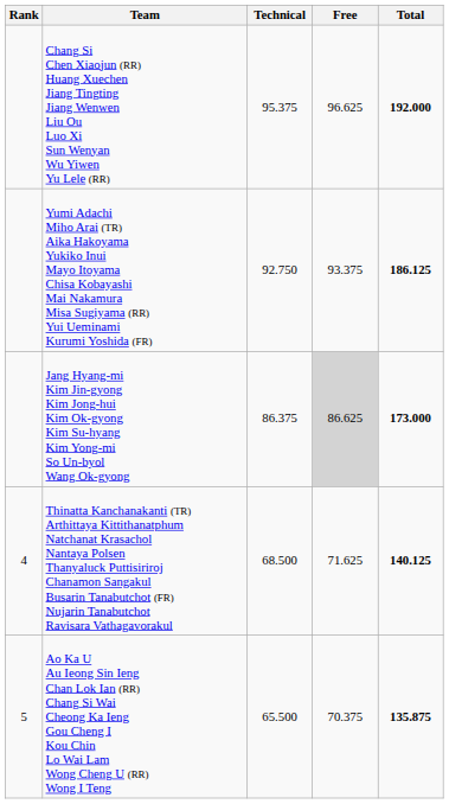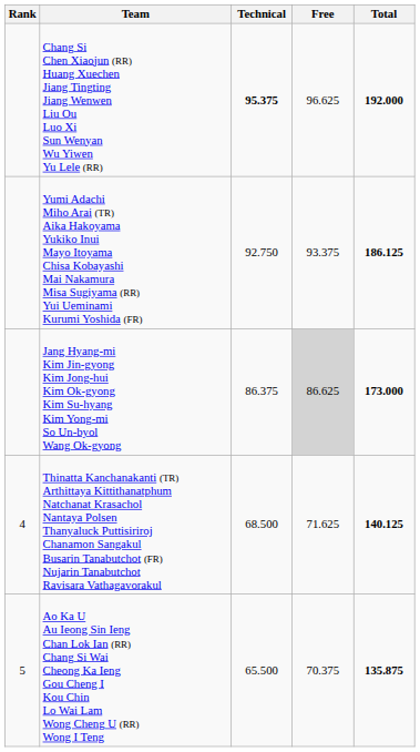 <table class=wikitable style="text-align:center">
 <tr>
 <th width=40>Rank</th>
 <th width=250>Team</th>
 <th width=75>Technical</th>
 <th width=75>Free</th>
 <th width=75>Total</th>
 </tr>
 <tr>
 <td></td>
 <td align=left><br><a href='#'>Chang Si</a><br><a href='#'>Chen Xiaojun</a> <small>(RR)</small><br><a href='#'>Huang Xuechen</a><br><a href='#'>Jiang Tingting</a><br><a href='#'>Jiang Wenwen</a><br><a href='#'>Liu Ou</a><br><a href='#'>Luo Xi</a><br><a href='#'>Sun Wenyan</a><br><a href='#'>Wu Yiwen</a><br><a href='#'>Yu Lele</a> <small>(RR)</small></td>
-<td>95.375</td>
+<td><strong>95.375</strong></td>
 <td>96.625</td>
 <td><strong>192.000</strong></td>
 </tr>
 <tr>
 <td></td>
 <td align=left><br><a href='#'>Yumi Adachi</a><br><a href='#'>Miho Arai</a> <small>(TR)</small><br><a href='#'>Aika Hakoyama</a><br><a href='#'>Yukiko Inui</a><br><a href='#'>Mayo Itoyama</a><br><a href='#'>Chisa Kobayashi</a><br><a href='#'>Mai Nakamura</a><br><a href='#'>Misa Sugiyama</a> <small>(RR)</small><br><a href='#'>Yui Ueminami</a><br><a href='#'>Kurumi Yoshida</a> <small>(FR)</small></td>
 <td>92.750</td>
 <td>93.375</td>
 <td><strong>186.125</strong></td>
 </tr>
 <tr>
 <td></td>
 <td align=left><br><a href='#'>Jang Hyang-mi</a><br><a href='#'>Kim Jin-gyong</a><br><a href='#'>Kim Jong-hui</a><br><a href='#'>Kim Ok-gyong</a><br><a href='#'>Kim Su-hyang</a><br><a href='#'>Kim Yong-mi</a><br><a href='#'>So Un-byol</a><br><a href='#'>Wang Ok-gyong</a></td>
 <td>86.375</td>
 <td style="background: lightgrey;">86.625</td>
 <td><strong>173.000</strong></td>
 </tr>
 <tr>
 <td>4</td>
 <td align=left><br><a href='#'>Thinatta Kanchanakanti</a> <small>(TR)</small><br><a href='#'>Arthittaya Kittithanatphum</a><br><a href='#'>Natchanat Krasachol</a><br><a href='#'>Nantaya Polsen</a><br><a href='#'>Thanyaluck Puttisiriroj</a><br><a href='#'>Chanamon Sangakul</a><br><a href='#'>Busarin Tanabutchot</a> <small>(FR)</small><br><a href='#'>Nujarin Tanabutchot</a><br><a href='#'>Ravisara Vathagavorakul</a></td>
 <td>68.500</td>
 <td>71.625</td>
 <td><strong>140.125</strong></td>
 </tr>
 <tr>
 <td>5</td>
 <td align=left><br><a href='#'>Ao Ka U</a><br><a href='#'>Au Ieong Sin Ieng</a><br><a href='#'>Chan Lok Ian</a> <small>(RR)</small><br><a href='#'>Chang Si Wai</a><br><a href='#'>Cheong Ka Ieng</a><br><a href='#'>Gou Cheng I</a><br><a href='#'>Kou Chin</a><br><a href='#'>Lo Wai Lam</a><br><a href='#'>Wong Cheng U</a> <small>(RR)</small><br><a href='#'>Wong I Teng</a></td>
 <td>65.500</td>
 <td>70.375</td>
 <td><strong>135.875</strong></td>
 </tr>
 </table>
